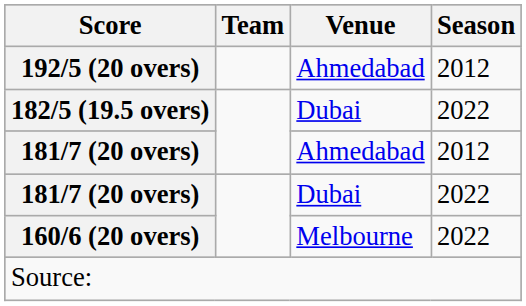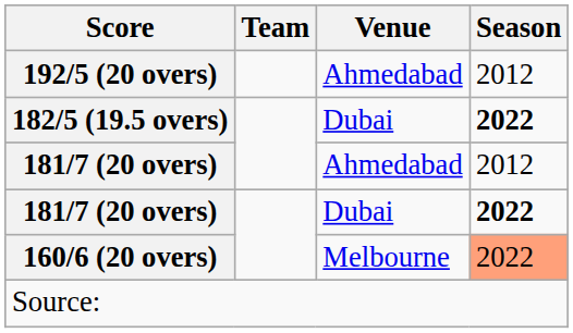 <table class="wikitable">
 <tr>
 <th align="center"><strong>Score</strong></th>
 <th align="center"><strong>Team</strong></th>
 <th align="center"><strong>Venue</strong></th>
 <th align="center"><strong>Season</strong></th>
 </tr>
 <tr>
 <th>192/5 (20 overs)</th>
 <td></td>
 <td><a href='#'>Ahmedabad</a></td>
 <td>2012</td>
 </tr>
 <tr>
 <th>182/5 (19.5 overs)</th>
 <td rowspan=2></td>
 <td><a href='#'>Dubai</a></td>
-<td>2022</td>
+<td><strong>2022</strong></td>
 </tr>
 <tr>
 <th>181/7 (20 overs)</th>
 <td><a href='#'>Ahmedabad</a></td>
 <td>2012</td>
 </tr>
 <tr>
 <th>181/7 (20 overs)</th>
 <td rowspan=2></td>
 <td><a href='#'>Dubai</a></td>
-<td>2022</td>
+<td><strong>2022</strong></td>
 </tr>
 <tr>
 <th>160/6 (20 overs)</th>
 <td><a href='#'>Melbourne</a></td>
-<td>2022</td>
+<td style="background: lightsalmon;">2022</td>
 </tr>
 <tr>
 <td colspan="5">Source:</td>
 </tr>
 </table>
